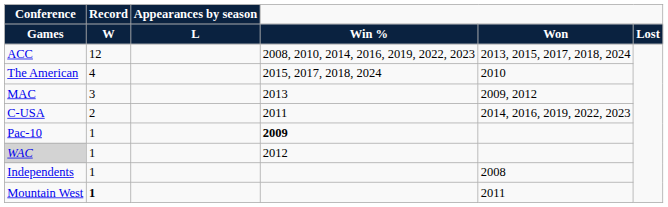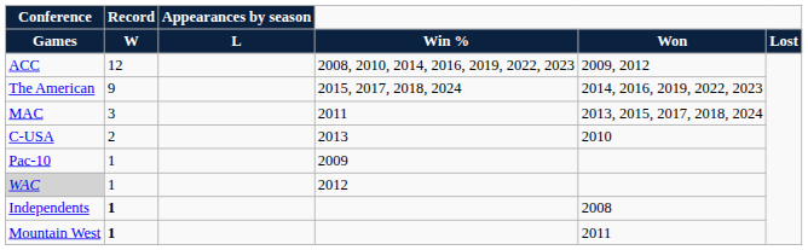 <table class="wikitable sortable">
 <tr>
 <th style="background:#0A2240; color:#FFFFFF; ">Conference</th>
 <th style="background:#0A2240; color:#FFFFFF; ">Record</th>
 <th style="background:#0A2240; color:#FFFFFF; ">Appearances by season</th>
 </tr>
 <tr>
 <th style="background:#0A2240; color:#FFFFFF; ">Games</th>
 <th style="background:#0A2240; color:#FFFFFF; ">W</th>
 <th style="background:#0A2240; color:#FFFFFF; ">L</th>
 <th style="background:#0A2240; color:#FFFFFF; ">Win %</th>
 <th style="background:#0A2240; color:#FFFFFF; ">Won</th>
 <th style="background:#0A2240; color:#FFFFFF; ">Lost</th>
 </tr>
 <tr>
 <td><a href='#'>ACC</a></td>
 <td>12</td>
 <td></td>
 <td>2008, 2010, 2014, 2016, 2019, 2022, 2023</td>
-<td>2013, 2015, 2017, 2018, 2024</td>
+<td>2009, 2012</td>
 </tr>
 <tr>
 <td><a href='#'>The American</a></td>
-<td>4</td>
+<td>9</td>
 <td></td>
 <td>2015, 2017, 2018, 2024</td>
-<td>2010</td>
+<td>2014, 2016, 2019, 2022, 2023</td>
 </tr>
 <tr>
 <td><a href='#'>MAC</a></td>
 <td>3</td>
 <td></td>
-<td>2013</td>
-<td>2009, 2012</td>
+<td>2011</td>
+<td>2013, 2015, 2017, 2018, 2024</td>
 </tr>
 <tr>
 <td><a href='#'>C-USA</a></td>
 <td>2</td>
 <td></td>
-<td>2011</td>
-<td>2014, 2016, 2019, 2022, 2023</td>
+<td>2013</td>
+<td>2010</td>
 </tr>
 <tr>
 <td><a href='#'>Pac-10</a></td>
 <td>1</td>
 <td></td>
-<td><strong>2009</strong></td>
+<td>2009</td>
 <td></td>
 </tr>
 <tr>
 <td bgcolor=lightgrey><em><a href='#'>WAC</a></em></td>
 <td>1</td>
 <td></td>
 <td>2012</td>
 <td></td>
 </tr>
 <tr>
 <td><a href='#'>Independents</a></td>
-<td>1</td>
+<td><strong>1</strong></td>
 <td></td>
 <td></td>
 <td>2008</td>
 </tr>
 <tr>
 <td><a href='#'>Mountain West</a></td>
 <td><strong>1</strong></td>
 <td></td>
 <td></td>
 <td>2011</td>
 </tr>
 </table>
